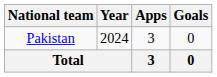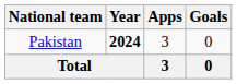 <table class="wikitable" style="text-align: center;">
 <tr>
 <th>National team</th>
 <th>Year</th>
 <th>Apps</th>
 <th>Goals</th>
 </tr>
 <tr>
 <td><a href='#'>Pakistan</a></td>
-<td>2024</td>
+<td><strong>2024</strong></td>
 <td>3</td>
 <td>0</td>
 </tr>
 <tr>
 <th colspan="2">Total</th>
 <th>3</th>
 <th>0</th>
 </tr>
 </table>
